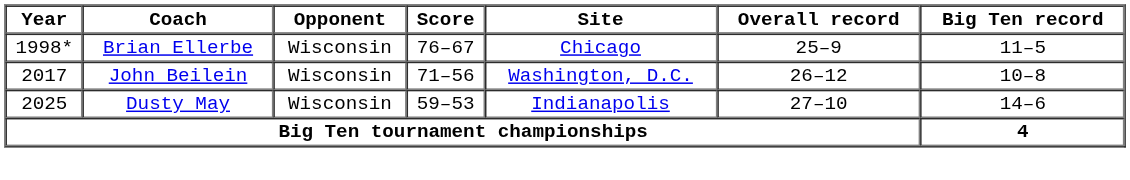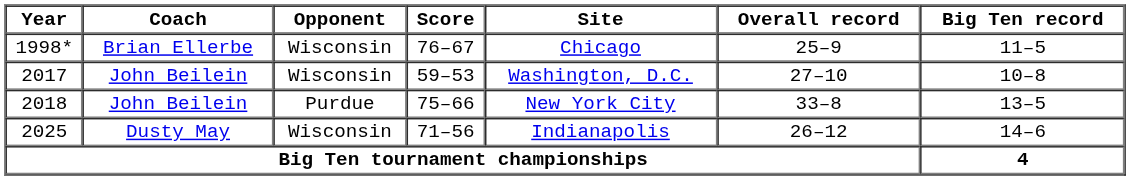 <table cellpadding="1" border="1" cellspacing="0" width="60%" style="text-align:center;">
 <tr>
 <th>Year</th>
 <th>Coach</th>
 <th>Opponent</th>
 <th>Score</th>
 <th>Site</th>
 <th>Overall record</th>
 <th>Big Ten record</th>
 </tr>
 <tr>
 </tr>
 <tr>
 <td>1998*</td>
 <td><a href='#'>Brian Ellerbe</a></td>
 <td>Wisconsin</td>
 <td>76–67</td>
 <td><a href='#'>Chicago</a></td>
 <td>25–9</td>
 <td>11–5</td>
 </tr>
 <tr>
 <td>2017</td>
 <td><a href='#'>John Beilein</a></td>
 <td>Wisconsin</td>
-<td>71–56</td>
+<td>59–53</td>
 <td><a href='#'>Washington, D.C.</a></td>
-<td>26–12</td>
+<td>27–10</td>
 <td>10–8</td>
+</tr>
+<tr>
+<td>2018</td>
+<td><a href='#'>John Beilein</a></td>
+<td>Purdue</td>
+<td>75–66</td>
+<td><a href='#'>New York City</a></td>
+<td>33–8</td>
+<td>13–5</td>
 </tr>
 <tr>
 <td>2025</td>
 <td><a href='#'>Dusty May</a></td>
 <td>Wisconsin</td>
-<td>59–53</td>
+<td>71–56</td>
 <td><a href='#'>Indianapolis</a></td>
-<td>27–10</td>
+<td>26–12</td>
 <td>14–6</td>
 </tr>
 <tr>
 <td colspan="6"><strong>Big Ten tournament championships</strong></td>
 <td colspan="1"><strong>4</strong></td>
 </tr>
 </table>
